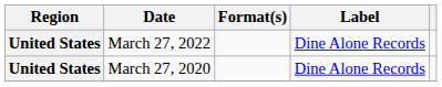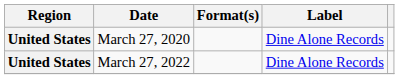 <table class="wikitable plainrowheaders">
 <tr>
 <th scope="col">Region</th>
 <th scope="col">Date</th>
 <th scope="col">Format(s)</th>
 <th scope="col">Label</th>
 <th scope="col"></th>
 </tr>
 <tr>
 <th scope="row">United States</th>
-<td>March 27, 2022</td>
+<td>March 27, 2020</td>
 <td></td>
 <td><a href='#'>Dine Alone Records</a></td>
 <td style="text-align:center;"></td>
 </tr>
 <tr>
 <th scope="row">United States</th>
-<td>March 27, 2020</td>
+<td>March 27, 2022</td>
 <td></td>
 <td><a href='#'>Dine Alone Records</a></td>
 <td style="text-align:center;"></td>
 </tr>
 <tr>
 </tr>
 </table>
